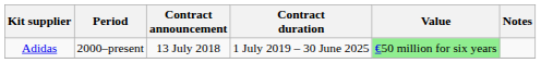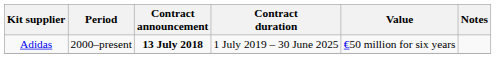 <table class="wikitable" style="text-align: left">
 <tr>
 <th>Kit supplier</th>
 <th>Period</th>
 <th>Contract<br>announcement</th>
 <th>Contract<br>duration</th>
 <th>Value</th>
 <th>Notes</th>
 </tr>
 <tr>
 <td style="text-align:center;"><a href='#'>Adidas</a></td>
 <td style="text-align:center;">2000–present</td>
-<td style="text-align:center;">13 July 2018</td>
+<td style="text-align:center;"><strong>13 July 2018</strong></td>
 <td>1 July 2019 – 30 June 2025</td>
-<td style="background: lightgreen;"><a href='#'>€</a>50 million for six years</td>
+<td><a href='#'>€</a>50 million for six years</td>
 <td></td>
 </tr>
 <tr>
 </tr>
 </table>
